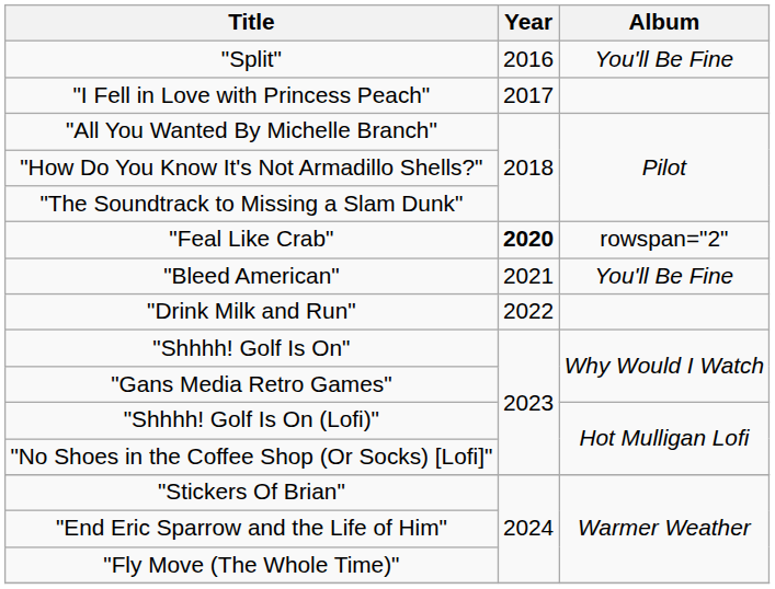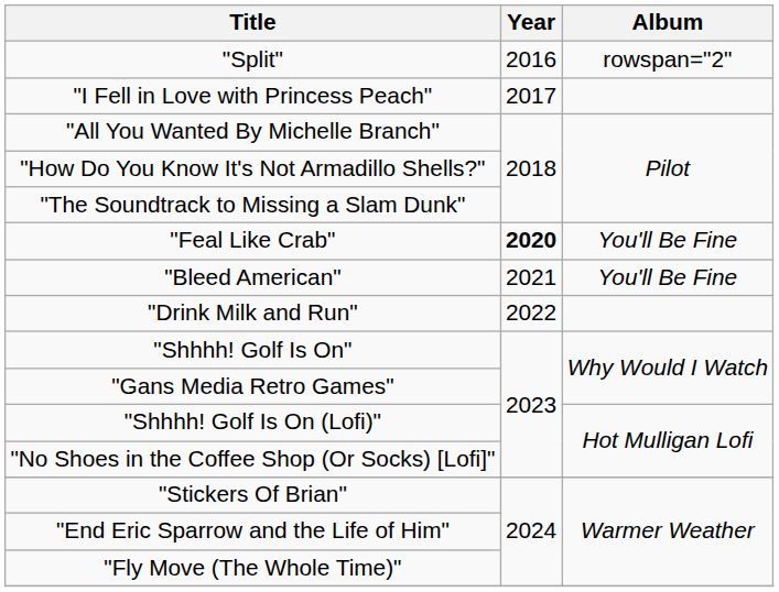 <table class="wikitable plainrowheaders" style="text-align:center;">
 <tr>
 <th scope=col>Title</th>
 <th scope=col>Year</th>
 <th scope=col>Album</th>
 </tr>
 <tr>
 <td>"Split"</td>
 <td>2016</td>
-<td><em>You'll Be Fine</em></td>
+<td>rowspan="2" </td>
 </tr>
 <tr>
 <td scope="row">"I Fell in Love with Princess Peach"</td>
 <td>2017</td>
 </tr>
 <tr>
 <td scope="row">"All You Wanted By Michelle Branch"</td>
 <td rowspan="3">2018</td>
 <td rowspan="3"><em>Pilot</em></td>
 </tr>
 <tr>
 <td scope="row">"How Do You Know It's Not Armadillo Shells?"</td>
 </tr>
 <tr>
 <td scope="row">"The Soundtrack to Missing a Slam Dunk"</td>
 </tr>
 <tr>
 <td scope="row">"Feal Like Crab"</td>
 <td><strong>2020</strong></td>
-<td>rowspan="2" </td>
+<td><em>You'll Be Fine</em></td>
 </tr>
 <tr>
 <td>"Bleed American"</td>
 <td>2021</td>
 <td><em>You'll Be Fine</em></td>
 </tr>
 <tr>
 <td>"Drink Milk and Run"</td>
 <td>2022</td>
 </tr>
 <tr>
 <td scope="row">"Shhhh! Golf Is On"</td>
 <td rowspan="4">2023</td>
 <td style="text-align:left;" rowspan="2"><em>Why Would I Watch</em></td>
 </tr>
 <tr>
 <td scope="row">"Gans Media Retro Games"</td>
 </tr>
 <tr>
 <td>"Shhhh! Golf Is On (Lofi)"</td>
 <td rowspan="2"><em>Hot Mulligan Lofi</em></td>
 </tr>
 <tr>
 <td>"No Shoes in the Coffee Shop (Or Socks) [Lofi]"</td>
 </tr>
 <tr>
 </tr>
 <tr>
 <td>"Stickers Of Brian"</td>
 <td rowspan="3">2024</td>
 <td rowspan="3"><em>Warmer Weather</em></td>
 </tr>
 <tr>
 <td>"End Eric Sparrow and the Life of Him"</td>
 </tr>
 <tr>
 <td>"Fly Move (The Whole Time)"</td>
 </tr>
 <tr>
 </tr>
 </table>
